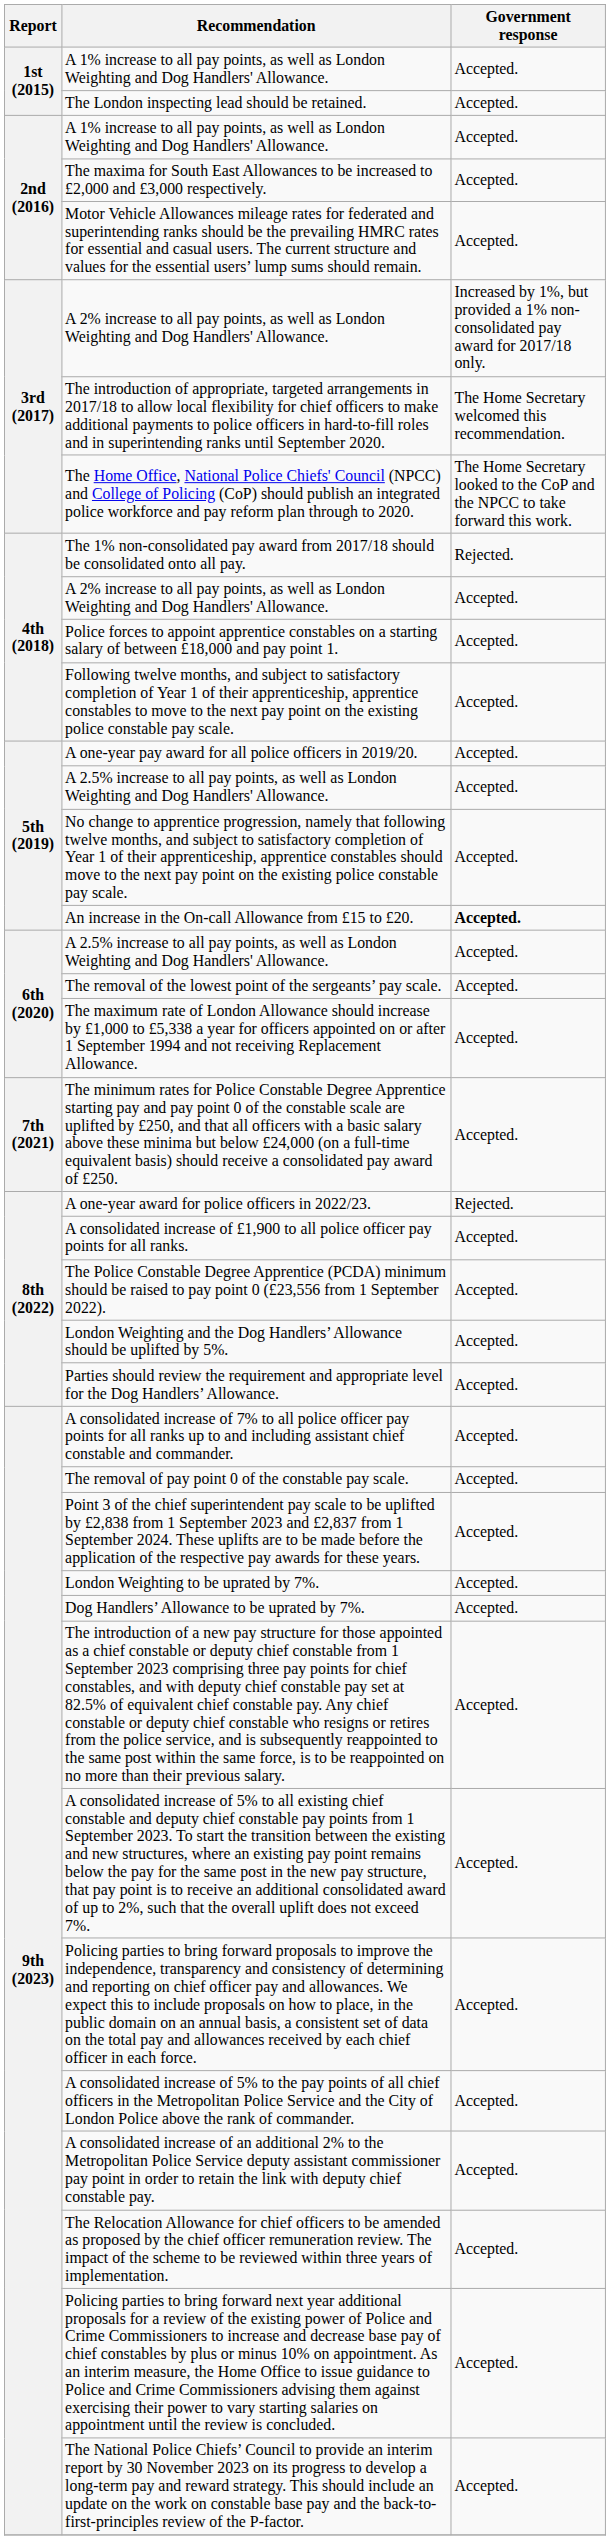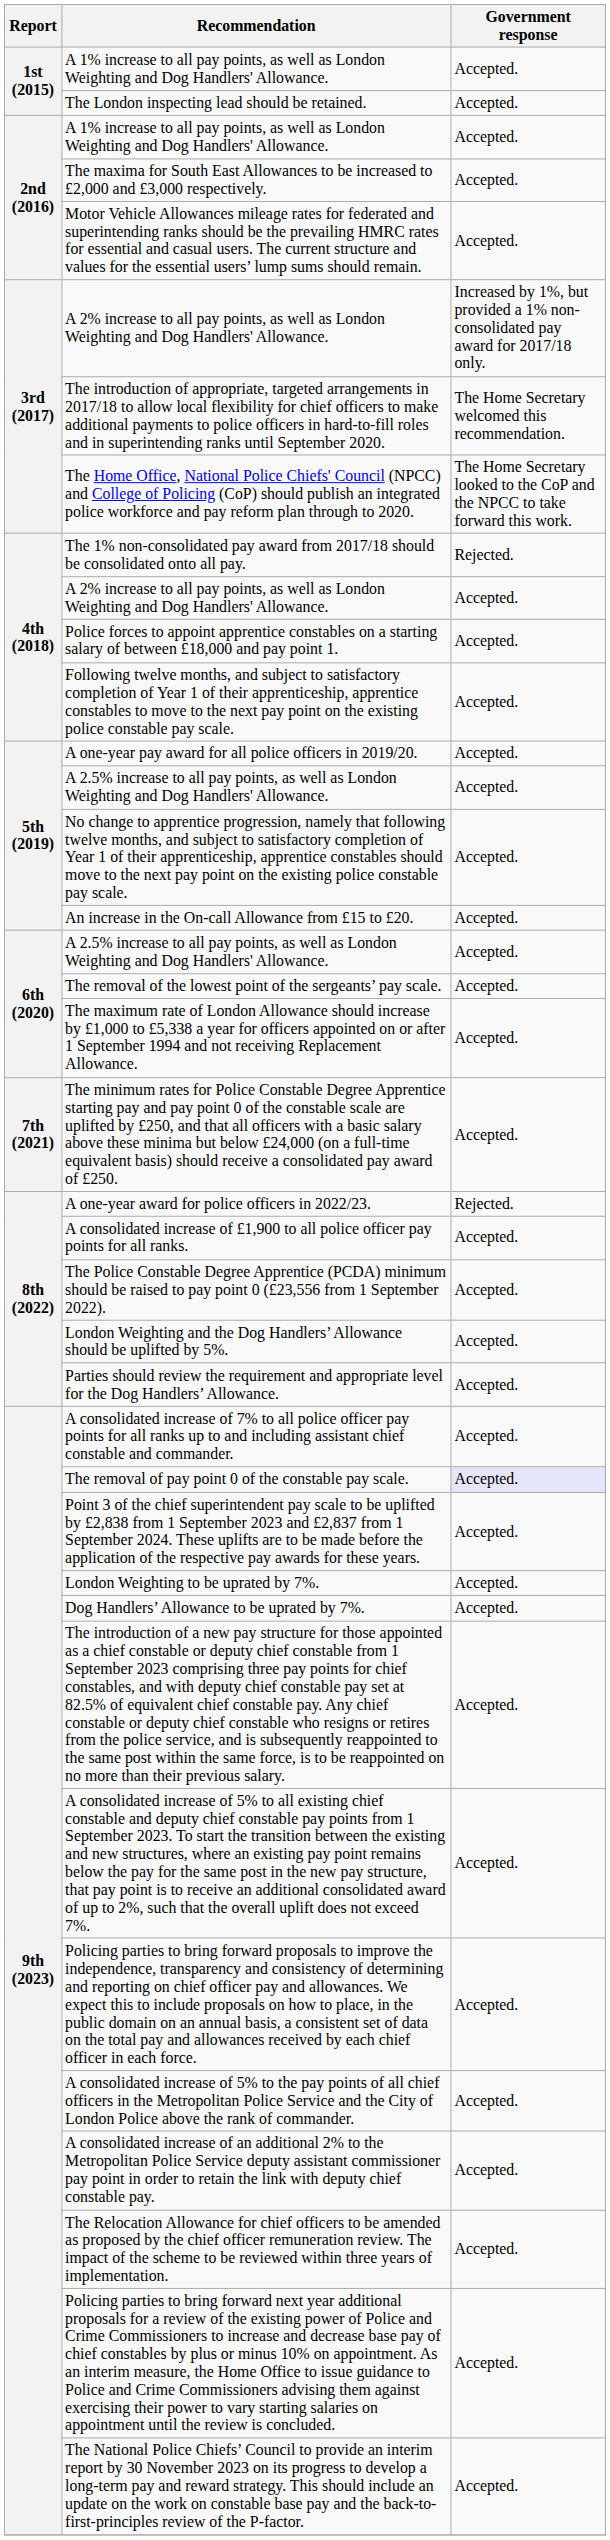 <table class="wikitable" style="text-align: left">
 <tr>
 <th>Report</th>
 <th>Recommendation</th>
 <th>Government response</th>
 </tr>
 <tr>
 <th rowspan="2">1st (2015)</th>
 <td>A 1% increase to all pay points, as well as London Weighting and Dog Handlers' Allowance.</td>
 <td>Accepted.</td>
 </tr>
 <tr>
 <td>The London inspecting lead should be retained.</td>
 <td>Accepted.</td>
 </tr>
 <tr>
 <th rowspan="3">2nd (2016)</th>
 <td>A 1% increase to all pay points, as well as London Weighting and Dog Handlers' Allowance.</td>
 <td>Accepted.</td>
 </tr>
 <tr>
 <td>The maxima for South East Allowances to be increased to £2,000 and £3,000 respectively.</td>
 <td>Accepted.</td>
 </tr>
 <tr>
 <td>Motor Vehicle Allowances mileage rates for federated and superintending ranks should be the prevailing HMRC rates for essential and casual users. The current structure and values for the essential users’ lump sums should remain.</td>
 <td>Accepted.</td>
 </tr>
 <tr>
 <th rowspan="3">3rd (2017)</th>
 <td>A 2% increase to all pay points, as well as London Weighting and Dog Handlers' Allowance.</td>
 <td>Increased by 1%, but provided a 1% non-consolidated pay award for 2017/18 only.</td>
 </tr>
 <tr>
 <td>The introduction of appropriate, targeted arrangements in 2017/18 to allow local flexibility for chief officers to make additional payments to police officers in hard-to-fill roles and in superintending ranks until September 2020.</td>
 <td>The Home Secretary welcomed this recommendation.</td>
 </tr>
 <tr>
 <td>The <a href='#'>Home Office</a>, <a href='#'>National Police Chiefs' Council</a> (NPCC) and <a href='#'>College of Policing</a> (CoP) should publish an integrated police workforce and pay reform plan through to 2020.</td>
 <td>The Home Secretary looked to the CoP and the NPCC to take forward this work.</td>
 </tr>
 <tr>
 <th rowspan="4">4th (2018)</th>
 <td>The 1% non-consolidated pay award from 2017/18 should be consolidated onto all pay.</td>
 <td>Rejected.</td>
 </tr>
 <tr>
 <td>A 2% increase to all pay points, as well as London Weighting and Dog Handlers' Allowance.</td>
 <td>Accepted.</td>
 </tr>
 <tr>
 <td>Police forces to appoint apprentice constables on a starting salary of between £18,000 and pay point 1.</td>
 <td>Accepted.</td>
 </tr>
 <tr>
 <td>Following twelve months, and subject to satisfactory completion of Year 1 of their apprenticeship, apprentice constables to move to the next pay point on the existing police constable pay scale.</td>
 <td>Accepted.</td>
 </tr>
 <tr>
 <th rowspan="4">5th (2019)</th>
 <td>A one-year pay award for all police officers in 2019/20.</td>
 <td>Accepted.</td>
 </tr>
 <tr>
 <td>A 2.5% increase to all pay points, as well as London Weighting and Dog Handlers' Allowance.</td>
 <td>Accepted.</td>
 </tr>
 <tr>
 <td>No change to apprentice progression, namely that following twelve months, and subject to satisfactory completion of Year 1 of their apprenticeship, apprentice constables should move to the next pay point on the existing police constable pay scale.</td>
 <td>Accepted.</td>
 </tr>
 <tr>
 <td>An increase in the On-call Allowance from £15 to £20.</td>
-<td><strong>Accepted.</strong></td>
+<td>Accepted.</td>
 </tr>
 <tr>
 <th rowspan="3">6th (2020)</th>
 <td>A 2.5% increase to all pay points, as well as London Weighting and Dog Handlers' Allowance.</td>
 <td>Accepted.</td>
 </tr>
 <tr>
 <td>The removal of the lowest point of the sergeants’ pay scale.</td>
 <td>Accepted.</td>
 </tr>
 <tr>
 <td>The maximum rate of London Allowance should increase by £1,000 to £5,338 a year for officers appointed on or after 1 September 1994 and not receiving Replacement Allowance.</td>
 <td>Accepted.</td>
 </tr>
 <tr>
 <th rowspan="1">7th (2021)</th>
 <td>The minimum rates for Police Constable Degree Apprentice starting pay and pay point 0 of the constable scale are uplifted by £250, and that all officers with a basic salary above these minima but below £24,000 (on a full‑time equivalent basis) should receive a consolidated pay award of £250.</td>
 <td>Accepted.</td>
 </tr>
 <tr>
 <th rowspan="5">8th (2022)</th>
 <td>A one-year award for police officers in 2022/23.</td>
 <td>Rejected.</td>
 </tr>
 <tr>
 <td>A consolidated increase of £1,900 to all police officer pay points for all ranks.</td>
 <td>Accepted.</td>
 </tr>
 <tr>
 <td>The Police Constable Degree Apprentice (PCDA) minimum should be raised to pay point 0 (£23,556 from 1 September 2022).</td>
 <td>Accepted.</td>
 </tr>
 <tr>
 <td>London Weighting and the Dog Handlers’ Allowance should be uplifted by 5%.</td>
 <td>Accepted.</td>
 </tr>
 <tr>
 <td>Parties should review the requirement and appropriate level for the Dog Handlers’ Allowance.</td>
 <td>Accepted.</td>
 </tr>
 <tr>
 <th rowspan="13">9th (2023)</th>
 <td>A consolidated increase of 7% to all police officer pay points for all ranks up to and including assistant chief constable and commander.</td>
 <td>Accepted.</td>
 </tr>
 <tr>
 <td>The removal of pay point 0 of the constable pay scale.</td>
-<td>Accepted.</td>
+<td style="background: lavender;">Accepted.</td>
 </tr>
 <tr>
 <td>Point 3 of the chief superintendent pay scale to be uplifted by £2,838 from 1 September 2023 and £2,837 from 1 September 2024. These uplifts are to be made before the application of the respective pay awards for these years.</td>
 <td>Accepted.</td>
 </tr>
 <tr>
 <td>London Weighting to be uprated by 7%.</td>
 <td>Accepted.</td>
 </tr>
 <tr>
 <td>Dog Handlers’ Allowance to be uprated by 7%.</td>
 <td>Accepted.</td>
 </tr>
 <tr>
 <td>The introduction of a new pay structure for those appointed as a chief constable or deputy chief constable from 1 September 2023 comprising three pay points for chief constables, and with deputy chief constable pay set at 82.5% of equivalent chief constable pay. Any chief constable or deputy chief constable who resigns or retires from the police service, and is subsequently reappointed to the same post within the same force, is to be reappointed on no more than their previous salary.</td>
 <td>Accepted.</td>
 </tr>
 <tr>
 <td>A consolidated increase of 5% to all existing chief constable and deputy chief constable pay points from 1 September 2023. To start the transition between the existing and new structures, where an existing pay point remains below the pay for the same post in the new pay structure, that pay point is to receive an additional consolidated award of up to 2%, such that the overall uplift does not exceed 7%.</td>
 <td>Accepted.</td>
 </tr>
 <tr>
 <td>Policing parties to bring forward proposals to improve the independence, transparency and consistency of determining and reporting on chief officer pay and allowances. We expect this to include proposals on how to place, in the public domain on an annual basis, a consistent set of data on the total pay and allowances received by each chief officer in each force.</td>
 <td>Accepted.</td>
 </tr>
 <tr>
 <td>A consolidated increase of 5% to the pay points of all chief officers in the Metropolitan Police Service and the City of London Police above the rank of commander.</td>
 <td>Accepted.</td>
 </tr>
 <tr>
 <td>A consolidated increase of an additional 2% to the Metropolitan Police Service deputy assistant commissioner pay point in order to retain the link with deputy chief constable pay.</td>
 <td>Accepted.</td>
 </tr>
 <tr>
 <td>The Relocation Allowance for chief officers to be amended as proposed by the chief officer remuneration review. The impact of the scheme to be reviewed within three years of implementation.</td>
 <td>Accepted.</td>
 </tr>
 <tr>
 <td>Policing parties to bring forward next year additional proposals for a review of the existing power of Police and Crime Commissioners to increase and decrease base pay of chief constables by plus or minus 10% on appointment. As an interim measure, the Home Office to issue guidance to Police and Crime Commissioners advising them against exercising their power to vary starting salaries on appointment until the review is concluded.</td>
 <td>Accepted.</td>
 </tr>
 <tr>
 <td>The National Police Chiefs’ Council to provide an interim report by 30 November 2023 on its progress to develop a long-term pay and reward strategy. This should include an update on the work on constable base pay and the back-to-first-principles review of the P-factor.</td>
 <td>Accepted.</td>
 </tr>
 <tr>
 </tr>
 </table>
